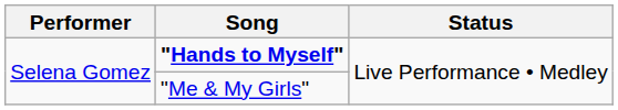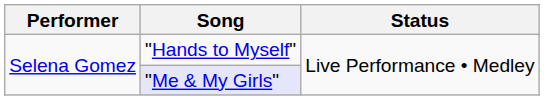 <table class="wikitable" style="font-size: 85%">
 <tr>
 <th>Performer</th>
 <th>Song</th>
 <th>Status</th>
 </tr>
 <tr>
 <td rowspan="2"> <a href='#'>Selena Gomez</a></td>
-<td><strong>"<a href='#'>Hands to Myself</a>"</strong></td>
+<td>"<a href='#'>Hands to Myself</a>"</td>
 <td rowspan="2">Live Performance • Medley</td>
 </tr>
 <tr>
-<td>"<a href='#'>Me & My Girls</a>"</td>
+<td style="background: lavender;">"<a href='#'>Me & My Girls</a>"</td>
 </tr>
 </table>
